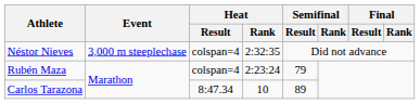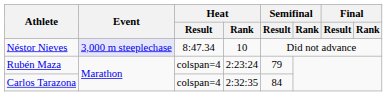 <table class="wikitable" style="font-size:90%">
 <tr>
 <th rowspan=2>Athlete</th>
 <th rowspan=2>Event</th>
 <th colspan=2>Heat</th>
 <th colspan=2>Semifinal</th>
 <th colspan=2>Final</th>
 </tr>
 <tr style="font-size:95%">
 <th>Result</th>
 <th>Rank</th>
 <th>Result</th>
 <th>Rank</th>
 <th>Result</th>
 <th>Rank</th>
 </tr>
 <tr align=center>
 <td align=left><a href='#'>Néstor Nieves</a></td>
-<td align=left><a href='#'>3,000 m steeplechase</a></td>
-<td>colspan=4 </td>
-<td>2:32:35</td>
+<td align=left style="background: lavender;"><a href='#'>3,000 m steeplechase</a></td>
+<td>8:47.34</td>
+<td>10</td>
 <td colspan=4>Did not advance</td>
 </tr>
 <tr align=center>
 <td align=left><a href='#'>Rubén Maza</a></td>
 <td align=left rowspan=2><a href='#'>Marathon</a></td>
 <td>colspan=4 </td>
 <td>2:23:24</td>
 <td>79</td>
 </tr>
 <tr align=center>
 <td align=left><a href='#'>Carlos Tarazona</a></td>
-<td>8:47.34</td>
-<td>10</td>
-<td>89</td>
+<td>colspan=4 </td>
+<td>2:32:35</td>
+<td>84</td>
 </tr>
 </table>
